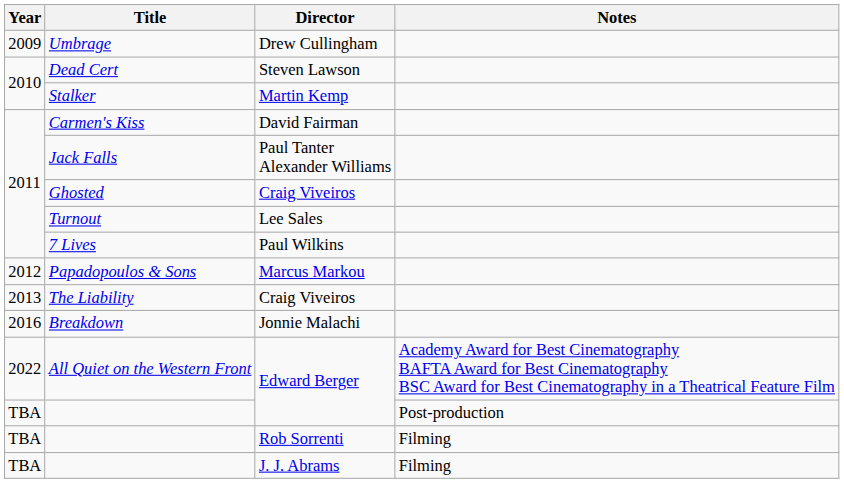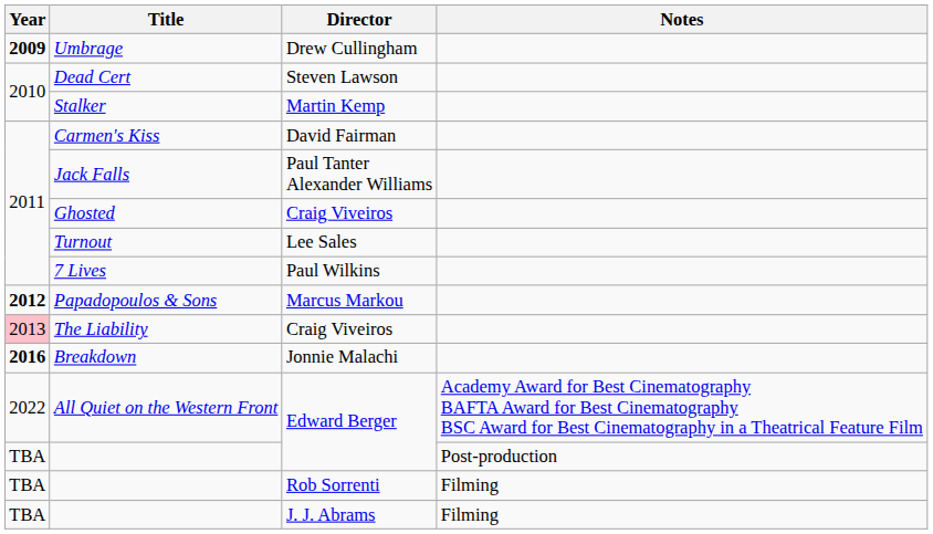 <table class="wikitable">
 <tr>
 <th>Year</th>
 <th>Title</th>
 <th>Director</th>
 <th>Notes</th>
 </tr>
 <tr>
-<td>2009</td>
+<td><strong>2009</strong></td>
 <td><em><a href='#'>Umbrage</a></em></td>
 <td>Drew Cullingham</td>
 <td></td>
 </tr>
 <tr>
 <td rowspan=2>2010</td>
 <td><em><a href='#'>Dead Cert</a></em></td>
 <td>Steven Lawson</td>
 <td></td>
 </tr>
 <tr>
 <td><em><a href='#'>Stalker</a></em></td>
 <td><a href='#'>Martin Kemp</a></td>
 <td></td>
 </tr>
 <tr>
 <td rowspan=5>2011</td>
 <td><em><a href='#'>Carmen's Kiss</a></em></td>
 <td>David Fairman</td>
 <td></td>
 </tr>
 <tr>
 <td><em><a href='#'>Jack Falls</a></em></td>
 <td>Paul Tanter<br>Alexander Williams</td>
 <td></td>
 </tr>
 <tr>
 <td><em><a href='#'>Ghosted</a></em></td>
 <td><a href='#'>Craig Viveiros</a></td>
 <td></td>
 </tr>
 <tr>
 <td><em><a href='#'>Turnout</a></em></td>
 <td>Lee Sales</td>
 <td></td>
 </tr>
 <tr>
 <td><em><a href='#'>7 Lives</a></em></td>
 <td>Paul Wilkins</td>
 <td></td>
 </tr>
 <tr>
-<td>2012</td>
+<td><strong>2012</strong></td>
 <td><em><a href='#'>Papadopoulos & Sons</a></em></td>
 <td><a href='#'>Marcus Markou</a></td>
 <td></td>
 </tr>
 <tr>
-<td>2013</td>
+<td style="background: pink;">2013</td>
 <td><em><a href='#'>The Liability</a></em></td>
 <td>Craig Viveiros</td>
 <td></td>
 </tr>
 <tr>
-<td>2016</td>
+<td><strong>2016</strong></td>
 <td><em><a href='#'>Breakdown</a></em></td>
 <td>Jonnie Malachi</td>
 <td></td>
 </tr>
 <tr>
 <td>2022</td>
 <td><em><a href='#'>All Quiet on the Western Front</a></em></td>
 <td rowspan=2><a href='#'>Edward Berger</a></td>
 <td><a href='#'>Academy Award for Best Cinematography</a><br><a href='#'>BAFTA Award for Best Cinematography</a><br><a href='#'>BSC Award for Best Cinematography in a Theatrical Feature Film</a></td>
 </tr>
 <tr>
 <td>TBA</td>
 <td></td>
 <td>Post-production</td>
 </tr>
 <tr>
 <td>TBA</td>
 <td></td>
 <td><a href='#'>Rob Sorrenti</a></td>
 <td>Filming</td>
 </tr>
 <tr>
 <td>TBA</td>
 <td></td>
 <td><a href='#'>J. J. Abrams</a></td>
 <td>Filming</td>
 </tr>
 </table>
